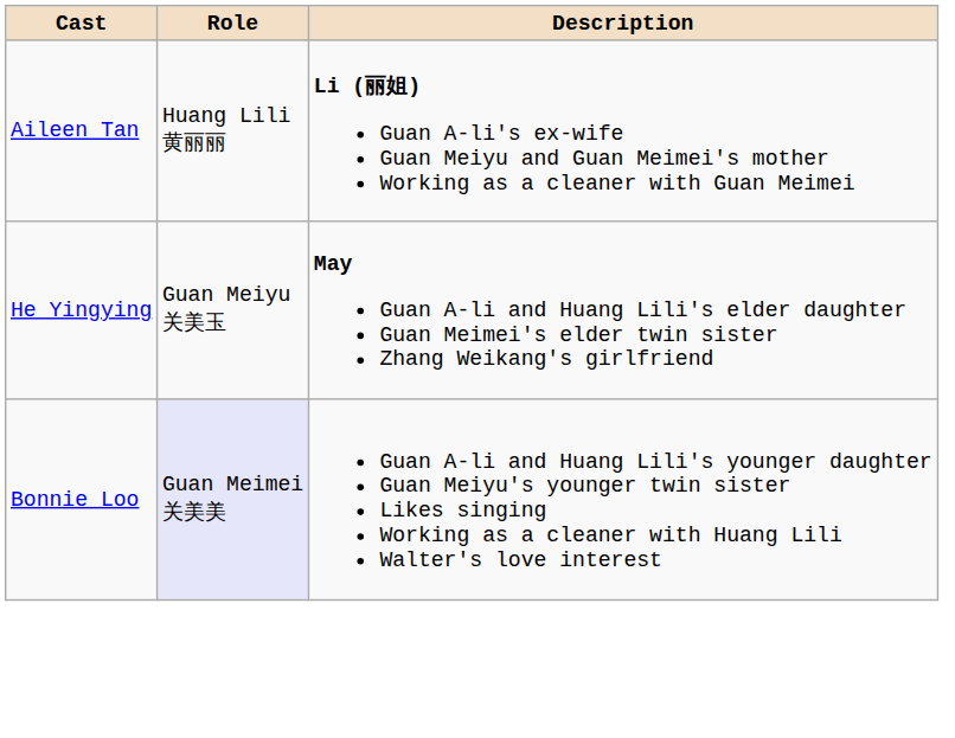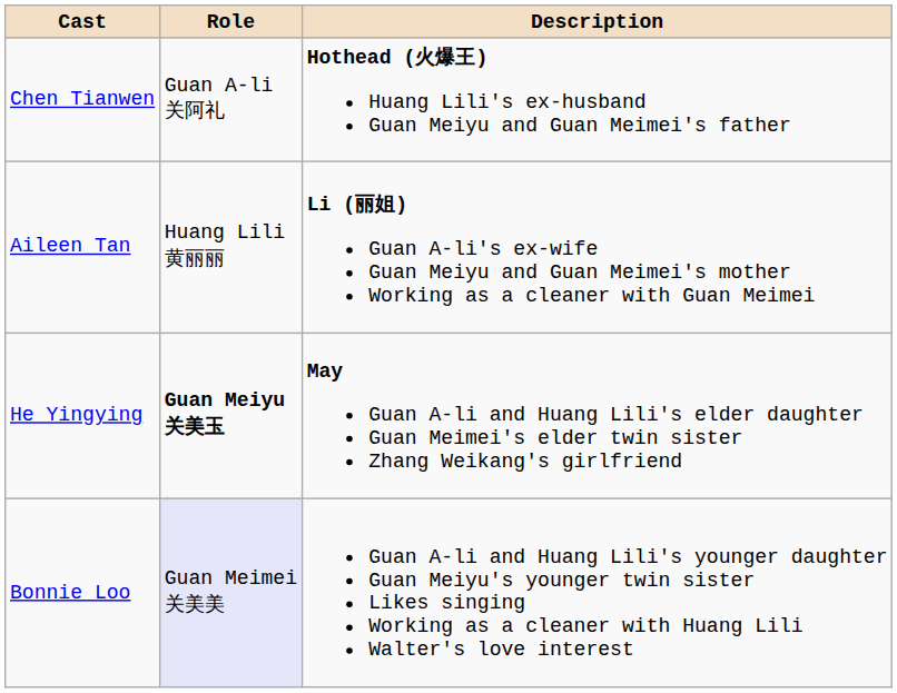 <table class="wikitable">
 <tr>
 <th style="background:#f2dfc6;">Cast</th>
 <th style="background:#f2dfc6;">Role</th>
 <th style="background:#f2dfc6;">Description</th>
+</tr>
+<tr>
+<td><a href='#'>Chen Tianwen</a></td>
+<td>Guan A-li <br> 关阿礼</td>
+<td><strong>Hothead (火爆王) </strong><br><ul><li>Huang Lili's ex-husband</li><li>Guan Meiyu and Guan Meimei's father</li></ul></td>
 </tr>
 <tr>
 <td><a href='#'>Aileen Tan</a></td>
 <td>Huang Lili <br> 黄丽丽</td>
 <td><br><strong>Li (丽姐)</strong><ul><li>Guan A-li's ex-wife</li><li>Guan Meiyu and Guan Meimei's mother</li><li>Working as a cleaner with Guan Meimei</li></ul></td>
 </tr>
 <tr>
 <td><a href='#'>He Yingying</a></td>
-<td>Guan Meiyu <br> 关美玉</td>
+<td><strong>Guan Meiyu <br> 关美玉</strong></td>
 <td><br><strong> May </strong><ul><li>Guan A-li and Huang Lili's elder daughter</li><li>Guan Meimei's elder twin sister</li><li>Zhang Weikang's girlfriend</li></ul></td>
 </tr>
 <tr>
 <td><a href='#'>Bonnie Loo</a></td>
 <td style="background: lavender;">Guan Meimei <br> 关美美</td>
 <td><br><ul><li>Guan A-li and Huang Lili's younger daughter</li><li>Guan Meiyu's younger twin sister</li><li>Likes singing</li><li>Working as a cleaner with Huang Lili</li><li>Walter's love interest</li></ul></td>
 </tr>
 </table>
